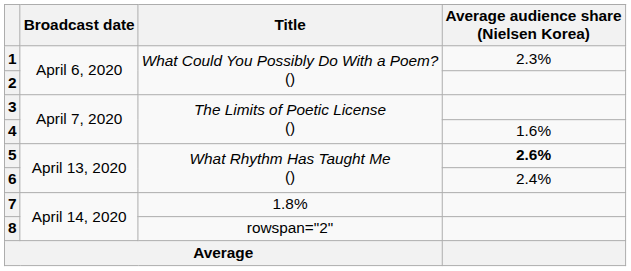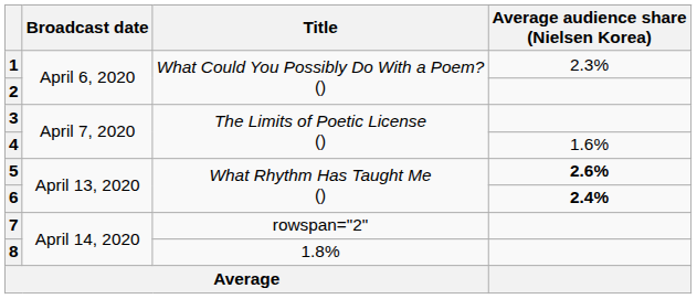 <table class="wikitable" style="text-align:center">
 <tr>
 <th rowspan="2"></th>
 <th rowspan="2">Broadcast date</th>
 <th rowspan="2">Title</th>
 </tr>
 <tr>
 <th>Average audience share<br>(Nielsen Korea)</th>
 </tr>
 <tr>
 <th>1</th>
 <td rowspan="2">April 6, 2020</td>
 <td rowspan="2"><em>What Could You Possibly Do With a Poem?</em><br>()</td>
 <td>2.3%</td>
 </tr>
 <tr>
 <th>2</th>
 <td></td>
 </tr>
 <tr>
 <th>3</th>
 <td rowspan="2">April 7, 2020</td>
 <td rowspan="2"><em>The Limits of Poetic License</em><br>()</td>
 <td></td>
 </tr>
 <tr>
 <th>4</th>
 <td>1.6%</td>
 </tr>
 <tr>
 <th>5</th>
 <td rowspan="2">April 13, 2020</td>
 <td rowspan="2"><em>What Rhythm Has Taught Me</em><br>()</td>
 <td><strong>2.6%</strong></td>
 </tr>
 <tr>
 <th>6</th>
-<td>2.4%</td>
+<td><strong>2.4%</strong></td>
 </tr>
 <tr>
 <th>7</th>
 <td rowspan="2">April 14, 2020</td>
-<td>1.8%</td>
+<td>rowspan="2" </td>
 <td></td>
 </tr>
 <tr>
 <th>8</th>
-<td>rowspan="2" </td>
+<td>1.8%</td>
 </tr>
 <tr>
 <th colspan="3">Average</th>
 <th></th>
 </tr>
 </table>
